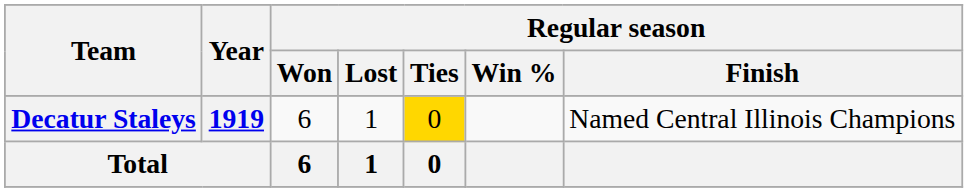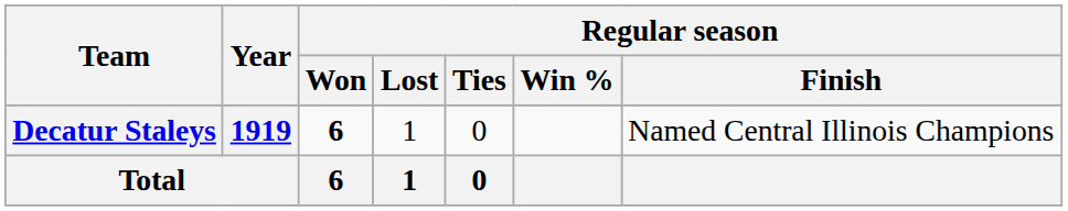 <table class="wikitable" style="font-size: 95%; text-align:center;">
 <tr>
 <th rowspan="2">Team</th>
 <th rowspan="2">Year</th>
 <th colspan="5">Regular season</th>
 </tr>
 <tr>
 <th>Won</th>
 <th>Lost</th>
 <th>Ties</th>
 <th>Win %</th>
 <th>Finish</th>
 </tr>
 <tr>
 <th><a href='#'>Decatur Staleys</a></th>
 <th><a href='#'>1919</a></th>
-<td>6</td>
+<td><strong>6</strong></td>
 <td>1</td>
-<td style="background: gold;">0</td>
+<td>0</td>
 <td></td>
 <td>Named Central Illinois Champions</td>
 </tr>
 <tr>
 <th colspan="2">Total</th>
 <th>6</th>
 <th>1</th>
 <th>0</th>
 <th></th>
 <th></th>
 </tr>
 </table>
